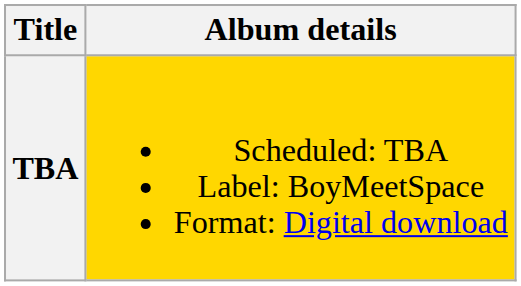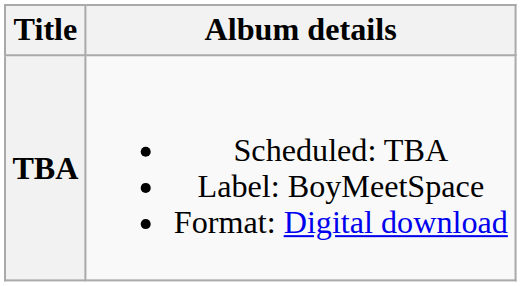 <table class="wikitable plainrowheaders" style="text-align:center;">
 <tr>
 <th>Title</th>
 <th>Album details</th>
 </tr>
 <tr>
 <th scope="row">TBA</th>
-<td style="background: gold;"><br><ul><li>Scheduled: TBA</li><li>Label: BoyMeetSpace</li><li>Format: <a href='#'>Digital download</a></li></ul></td>
+<td><br><ul><li>Scheduled: TBA</li><li>Label: BoyMeetSpace</li><li>Format: <a href='#'>Digital download</a></li></ul></td>
 </tr>
 </table>
